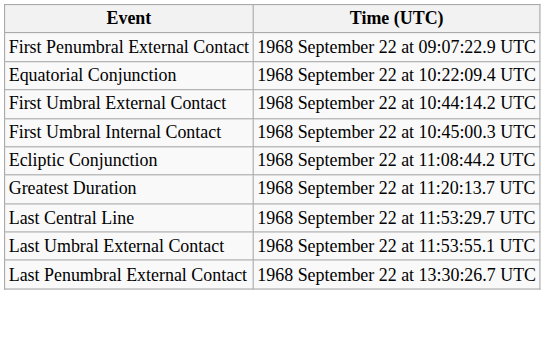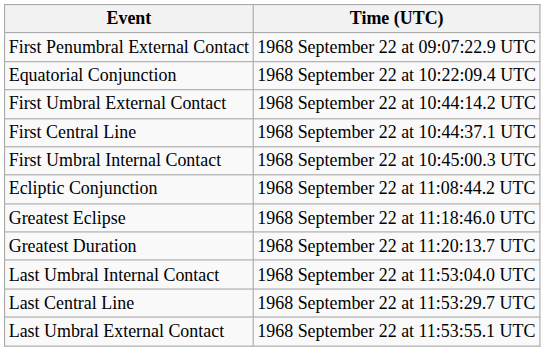 <table class="wikitable">
 <tr>
 <th>Event</th>
 <th>Time (UTC)</th>
 </tr>
 <tr>
 <td>First Penumbral External Contact</td>
 <td>1968 September 22 at 09:07:22.9 UTC</td>
 </tr>
 <tr>
 <td>Equatorial Conjunction</td>
 <td>1968 September 22 at 10:22:09.4 UTC</td>
 </tr>
 <tr>
 <td>First Umbral External Contact</td>
 <td>1968 September 22 at 10:44:14.2 UTC</td>
 </tr>
 <tr>
+<td>First Central Line</td>
+<td>1968 September 22 at 10:44:37.1 UTC</td>
+</tr>
+<tr>
 <td>First Umbral Internal Contact</td>
 <td>1968 September 22 at 10:45:00.3 UTC</td>
 </tr>
 <tr>
 <td>Ecliptic Conjunction</td>
 <td>1968 September 22 at 11:08:44.2 UTC</td>
 </tr>
 <tr>
+<td>Greatest Eclipse</td>
+<td>1968 September 22 at 11:18:46.0 UTC</td>
+</tr>
+<tr>
 <td>Greatest Duration</td>
 <td>1968 September 22 at 11:20:13.7 UTC</td>
+</tr>
+<tr>
+<td>Last Umbral Internal Contact</td>
+<td>1968 September 22 at 11:53:04.0 UTC</td>
 </tr>
 <tr>
 <td>Last Central Line</td>
 <td>1968 September 22 at 11:53:29.7 UTC</td>
 </tr>
 <tr>
 <td>Last Umbral External Contact</td>
 <td>1968 September 22 at 11:53:55.1 UTC</td>
 </tr>
-<tr>
-<td>Last Penumbral External Contact</td>
-<td>1968 September 22 at 13:30:26.7 UTC</td>
-</tr>
 </table>
